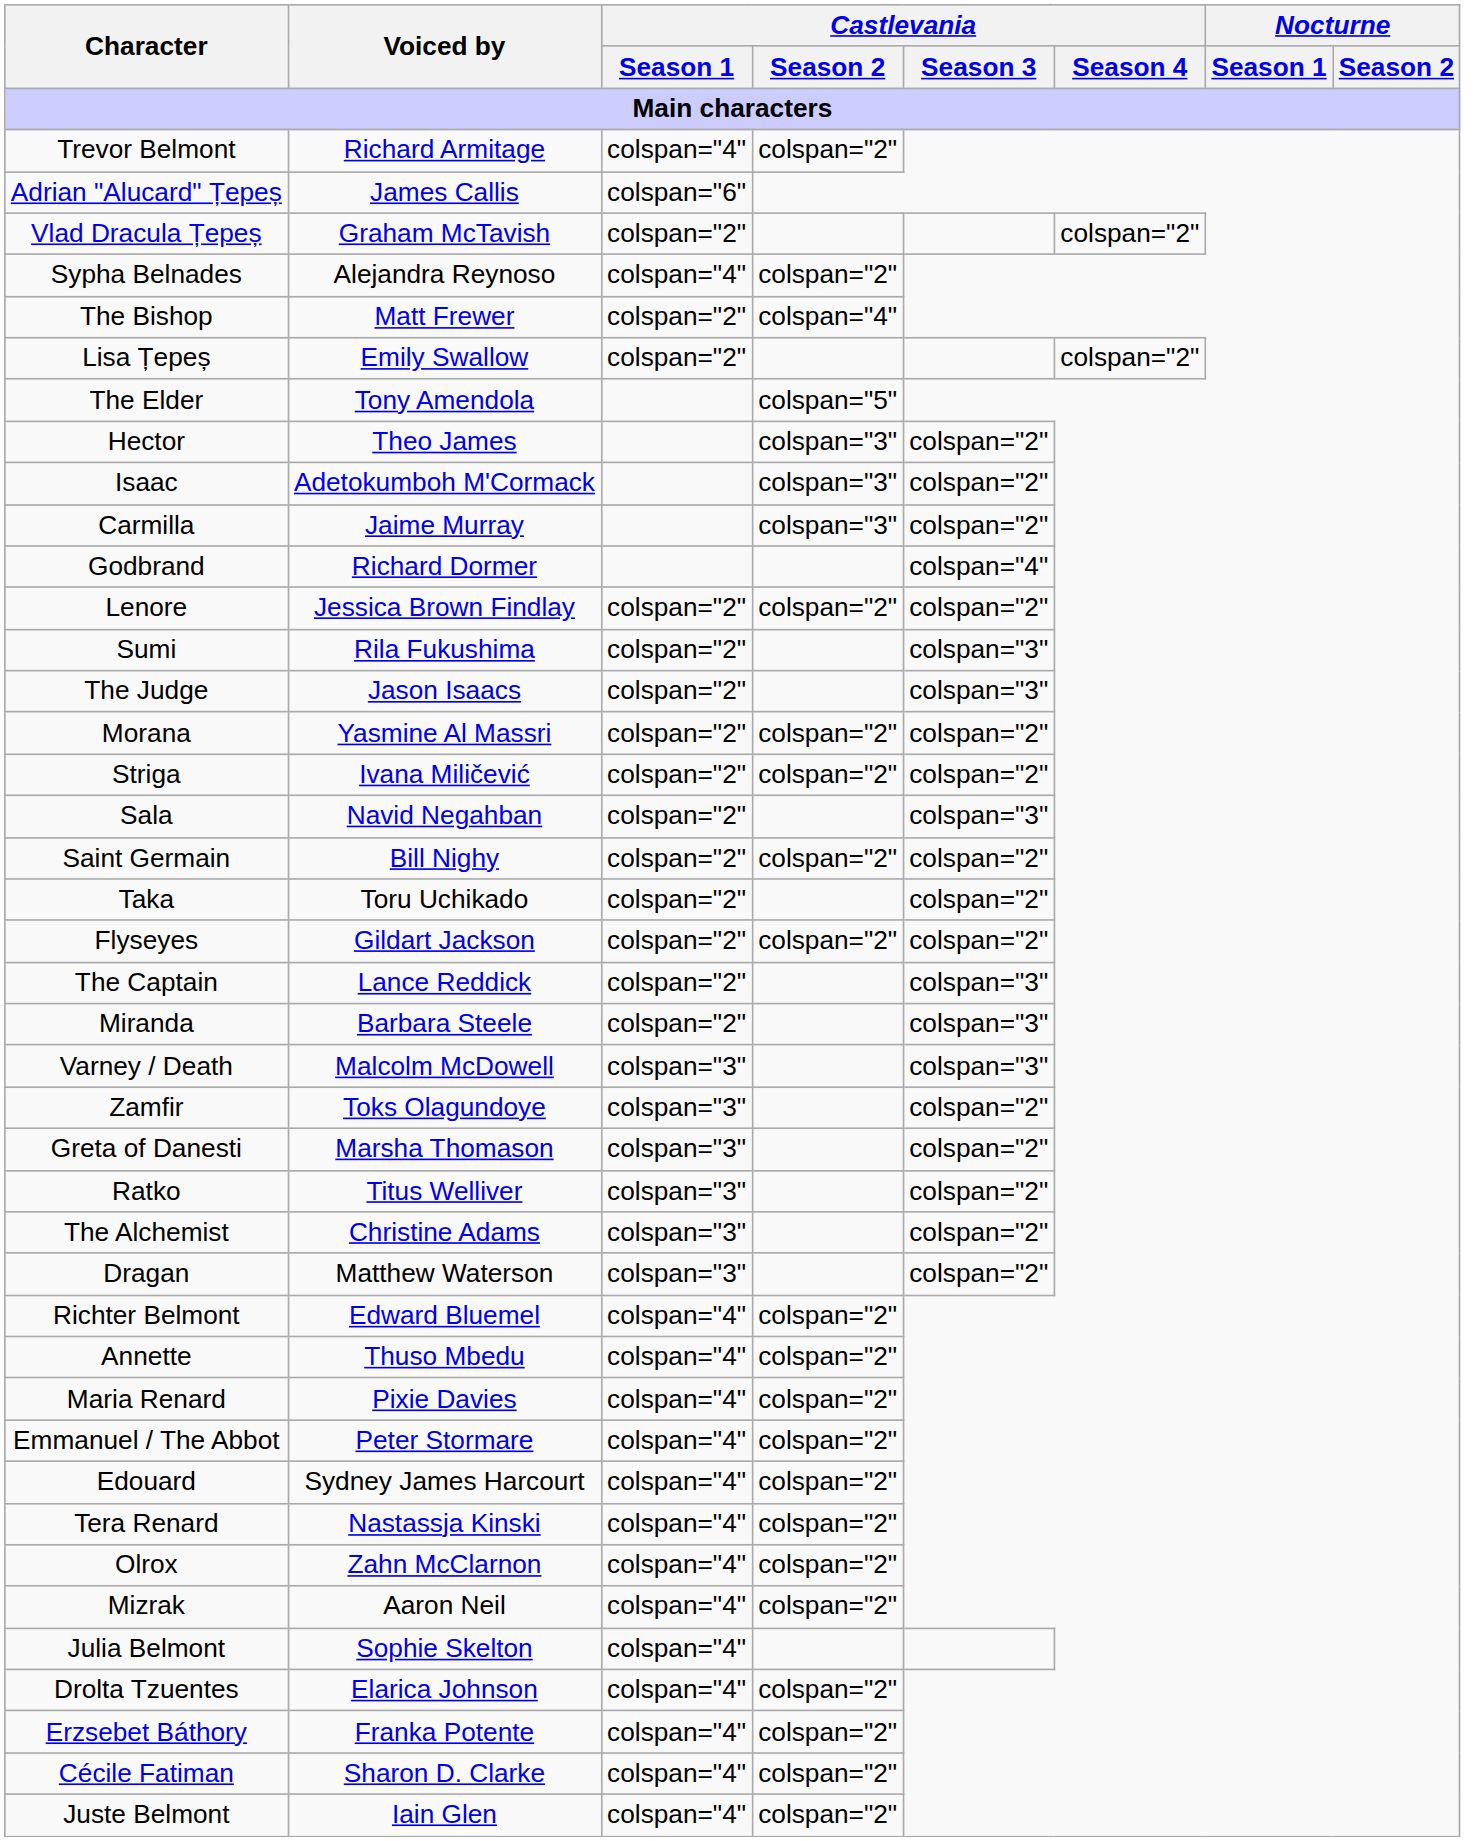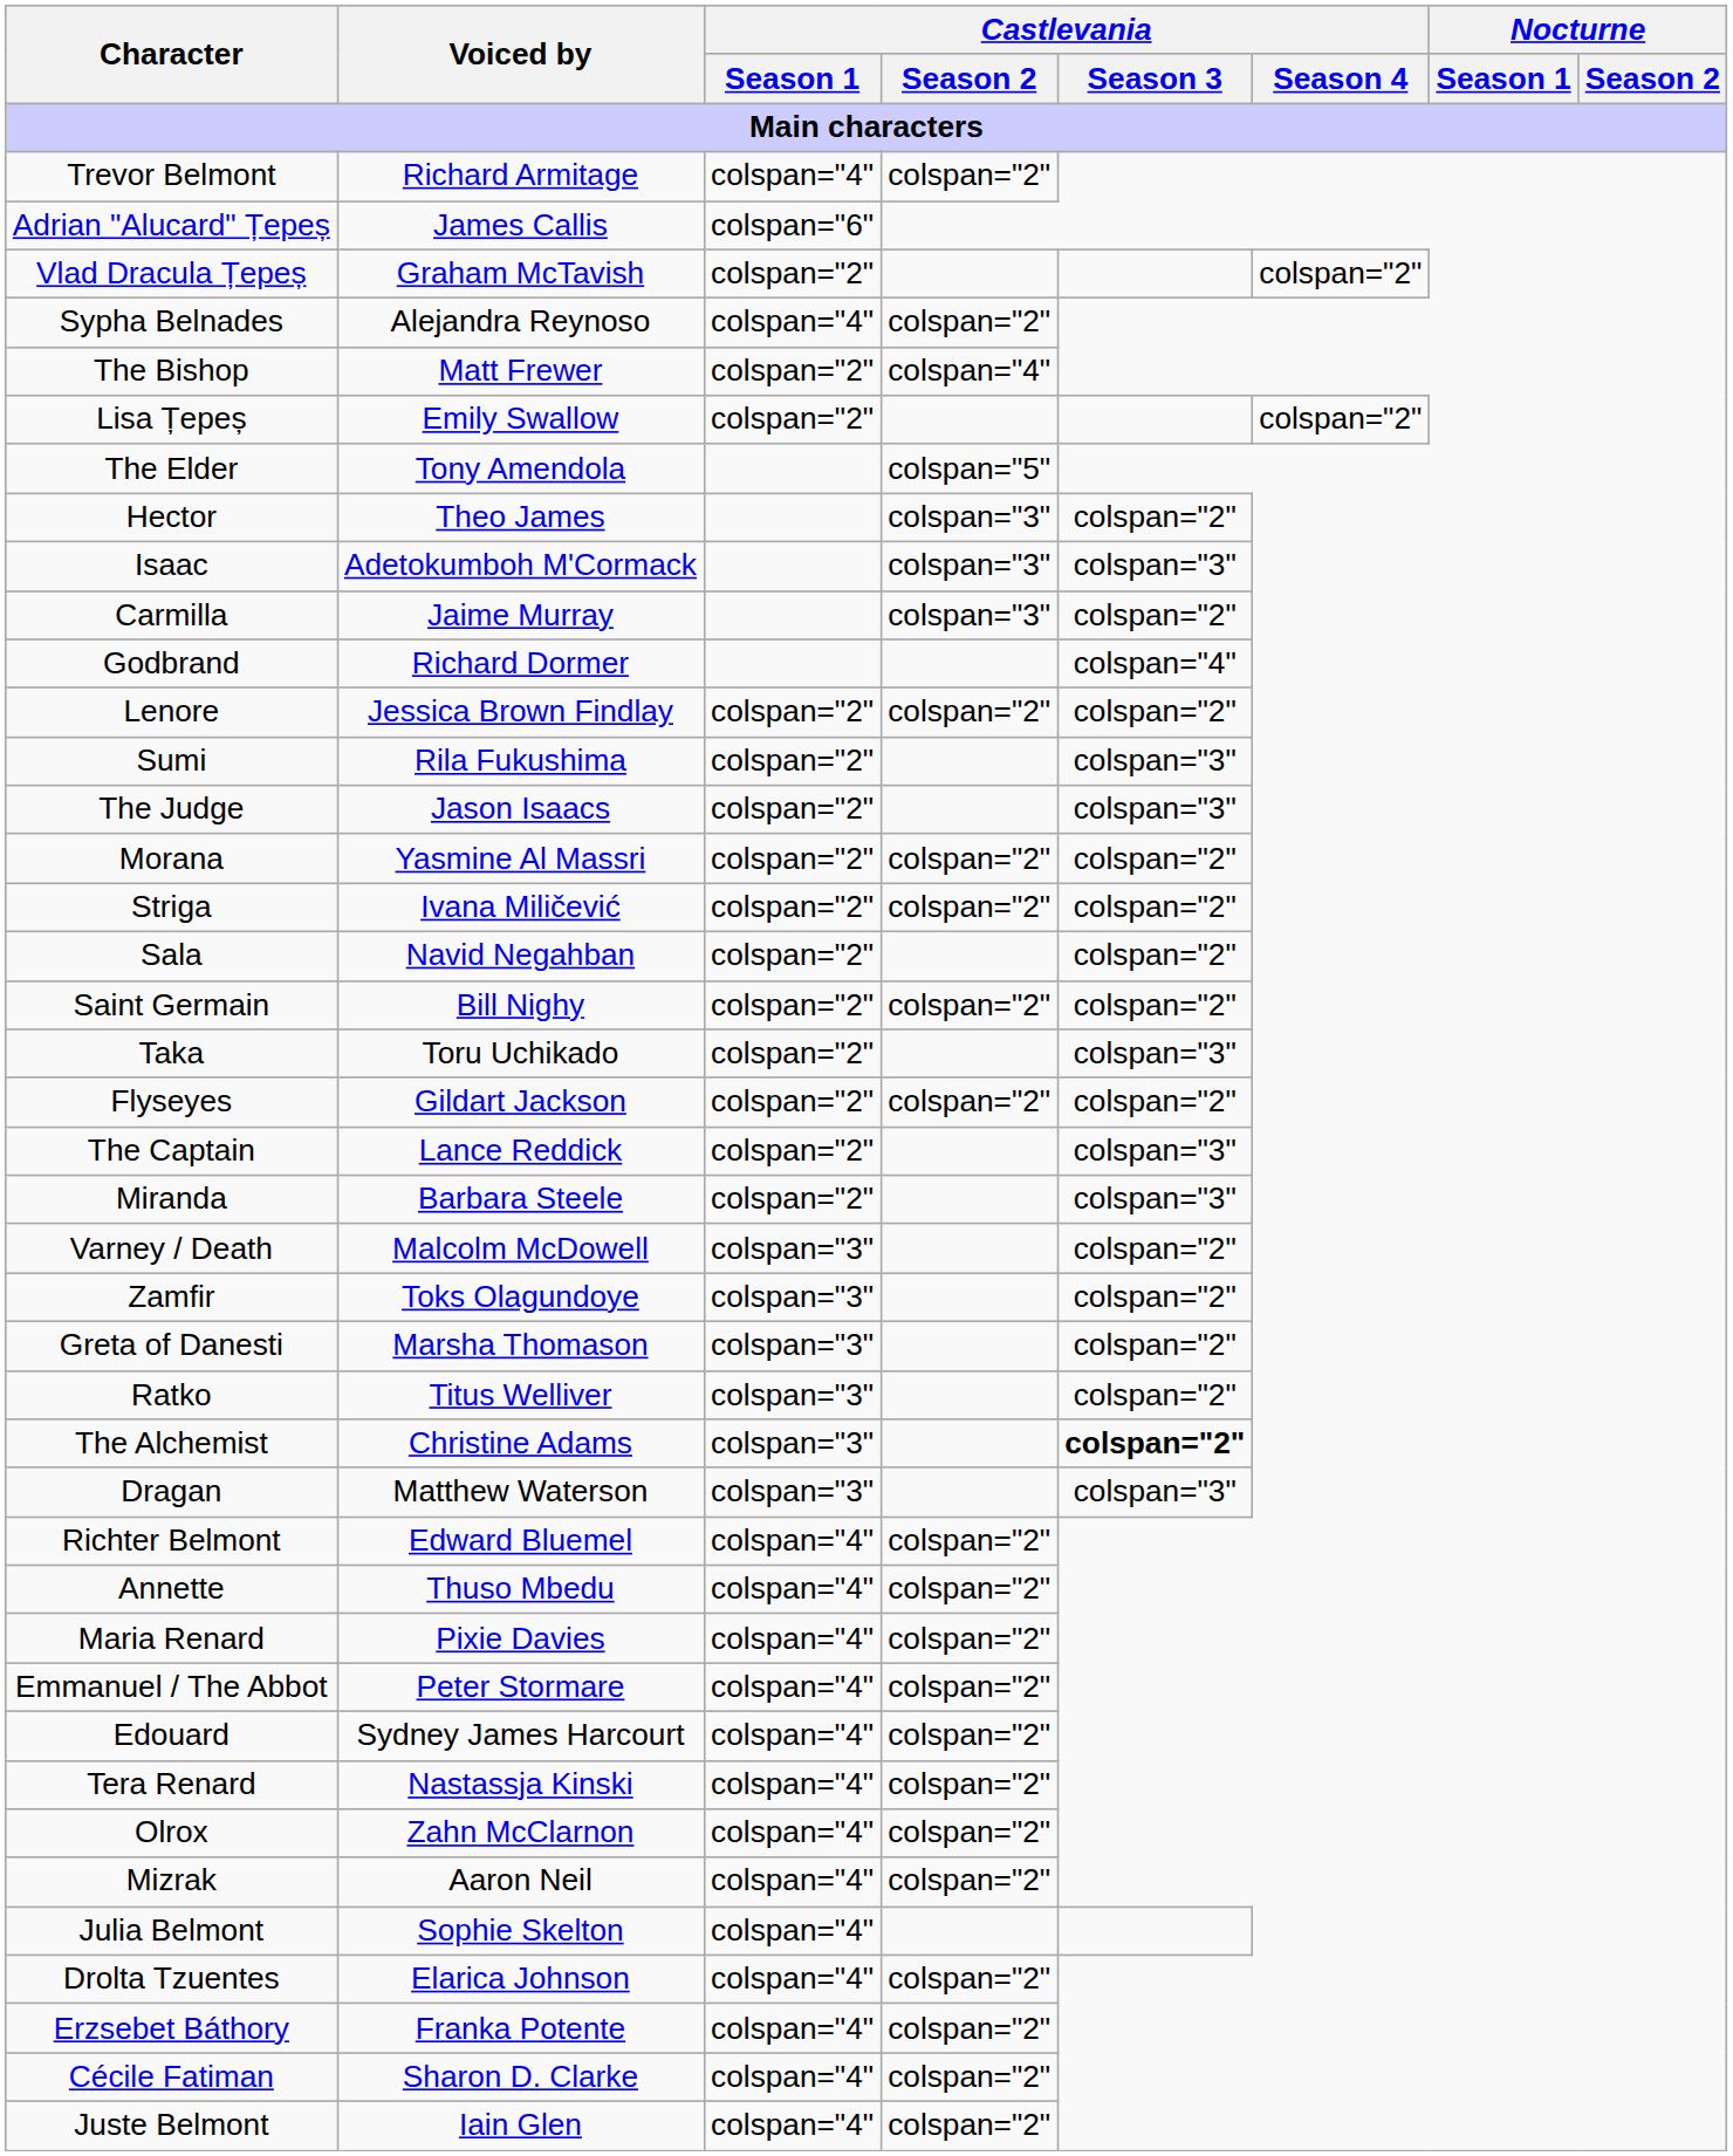 <table class="wikitable plainrowheaders" style="text-align:center;">
 <tr>
 <th scope="col" rowspan="2">Character</th>
 <th scope="col" rowspan="2">Voiced by</th>
 <th scope="col" colspan="4"><em><a href='#'>Castlevania</a></em></th>
 <th scope="col" colspan="2"><em><a href='#'>Nocturne</a></em></th>
 </tr>
 <tr>
 <th><a href='#'>Season 1</a></th>
 <th><a href='#'>Season 2</a></th>
 <th><a href='#'>Season 3</a></th>
 <th><a href='#'>Season 4</a></th>
 <th><a href='#'>Season 1</a></th>
 <th><a href='#'>Season 2</a></th>
 </tr>
 <tr>
 <th colspan="8" style="background:#ccf;">Main characters</th>
 </tr>
 <tr>
 <td scope="row">Trevor Belmont</td>
 <td><a href='#'>Richard Armitage</a></td>
 <td>colspan="4" </td>
 <td>colspan="2" </td>
 </tr>
 <tr>
 <td scope="row"><a href='#'>Adrian "Alucard" Țepeș</a></td>
 <td><a href='#'>James Callis</a></td>
 <td>colspan="6" </td>
 </tr>
 <tr>
 <td scope="row"><a href='#'>Vlad Dracula Țepeș</a></td>
 <td><a href='#'>Graham McTavish</a></td>
 <td>colspan="2" </td>
 <td></td>
 <td></td>
 <td>colspan="2" </td>
 </tr>
 <tr>
 <td scope="row">Sypha Belnades</td>
 <td>Alejandra Reynoso</td>
 <td>colspan="4" </td>
 <td>colspan="2" </td>
 </tr>
 <tr>
 <td scope="row">The Bishop</td>
 <td><a href='#'>Matt Frewer</a></td>
 <td>colspan="2" </td>
 <td>colspan="4" </td>
 </tr>
 <tr>
 <td scope="row">Lisa Țepeș</td>
 <td><a href='#'>Emily Swallow</a></td>
 <td>colspan="2" </td>
 <td></td>
 <td></td>
 <td>colspan="2" </td>
 </tr>
 <tr>
 <td scope="row">The Elder</td>
 <td><a href='#'>Tony Amendola</a></td>
 <td></td>
 <td>colspan="5" </td>
 </tr>
 <tr>
 <td scope="row">Hector</td>
 <td><a href='#'>Theo James</a></td>
 <td></td>
 <td>colspan="3" </td>
 <td>colspan="2" </td>
 </tr>
 <tr>
 <td scope="row">Isaac</td>
 <td><a href='#'>Adetokumboh M'Cormack</a></td>
 <td></td>
 <td>colspan="3" </td>
-<td>colspan="2" </td>
+<td>colspan="3" </td>
 </tr>
 <tr>
 <td scope="row">Carmilla</td>
 <td><a href='#'>Jaime Murray</a></td>
 <td></td>
 <td>colspan="3" </td>
 <td>colspan="2" </td>
 </tr>
 <tr>
 <td scope="row">Godbrand</td>
 <td><a href='#'>Richard Dormer</a></td>
 <td></td>
 <td></td>
 <td>colspan="4" </td>
 </tr>
 <tr>
 <td scope="row">Lenore</td>
 <td><a href='#'>Jessica Brown Findlay</a></td>
 <td>colspan="2" </td>
 <td>colspan="2" </td>
 <td>colspan="2" </td>
 </tr>
 <tr>
 <td scope="row">Sumi</td>
 <td><a href='#'>Rila Fukushima</a></td>
 <td>colspan="2" </td>
 <td></td>
 <td>colspan="3" </td>
 </tr>
 <tr>
 <td scope="row">The Judge</td>
 <td><a href='#'>Jason Isaacs</a></td>
 <td>colspan="2" </td>
 <td></td>
 <td>colspan="3" </td>
 </tr>
 <tr>
 <td scope="row">Morana</td>
 <td><a href='#'>Yasmine Al Massri</a></td>
 <td>colspan="2" </td>
 <td>colspan="2" </td>
 <td>colspan="2" </td>
 </tr>
 <tr>
 <td scope="row">Striga</td>
 <td><a href='#'>Ivana Miličević</a></td>
 <td>colspan="2" </td>
 <td>colspan="2" </td>
 <td>colspan="2" </td>
 </tr>
 <tr>
 <td scope="row">Sala</td>
 <td><a href='#'>Navid Negahban</a></td>
 <td>colspan="2" </td>
 <td></td>
-<td>colspan="3" </td>
+<td>colspan="2" </td>
 </tr>
 <tr>
 <td scope="row">Saint Germain</td>
 <td><a href='#'>Bill Nighy</a></td>
 <td>colspan="2" </td>
 <td>colspan="2" </td>
 <td>colspan="2" </td>
 </tr>
 <tr>
 <td scope="row">Taka</td>
 <td>Toru Uchikado</td>
 <td>colspan="2" </td>
 <td></td>
-<td>colspan="2" </td>
+<td>colspan="3" </td>
 </tr>
 <tr>
 <td scope="row">Flyseyes</td>
 <td><a href='#'>Gildart Jackson</a></td>
 <td>colspan="2" </td>
 <td>colspan="2" </td>
 <td>colspan="2" </td>
 </tr>
 <tr>
 <td scope="row">The Captain</td>
 <td><a href='#'>Lance Reddick</a></td>
 <td>colspan="2" </td>
 <td></td>
 <td>colspan="3" </td>
 </tr>
 <tr>
 <td scope="row">Miranda</td>
 <td><a href='#'>Barbara Steele</a></td>
 <td>colspan="2" </td>
 <td></td>
 <td>colspan="3" </td>
 </tr>
 <tr>
 <td scope="row">Varney / Death</td>
 <td><a href='#'>Malcolm McDowell</a></td>
 <td>colspan="3" </td>
 <td></td>
-<td>colspan="3" </td>
+<td>colspan="2" </td>
 </tr>
 <tr>
 <td scope="row">Zamfir</td>
 <td><a href='#'>Toks Olagundoye</a></td>
 <td>colspan="3" </td>
 <td></td>
 <td>colspan="2" </td>
 </tr>
 <tr>
 <td scope="row">Greta of Danesti</td>
 <td><a href='#'>Marsha Thomason</a></td>
 <td>colspan="3" </td>
 <td></td>
 <td>colspan="2" </td>
 </tr>
 <tr>
 <td scope="row">Ratko</td>
 <td><a href='#'>Titus Welliver</a></td>
 <td>colspan="3" </td>
 <td></td>
 <td>colspan="2" </td>
 </tr>
 <tr>
 <td scope="row">The Alchemist</td>
 <td><a href='#'>Christine Adams</a></td>
 <td>colspan="3" </td>
 <td></td>
-<td>colspan="2" </td>
+<td><strong>colspan="2" </strong></td>
 </tr>
 <tr>
 <td scope="row">Dragan</td>
 <td>Matthew Waterson</td>
 <td>colspan="3" </td>
 <td></td>
-<td>colspan="2" </td>
+<td>colspan="3" </td>
 </tr>
 <tr>
 <td scope="row">Richter Belmont</td>
 <td><a href='#'>Edward Bluemel</a></td>
 <td>colspan="4" </td>
 <td>colspan="2" </td>
 </tr>
 <tr>
 <td scope="row">Annette</td>
 <td><a href='#'>Thuso Mbedu</a></td>
 <td>colspan="4" </td>
 <td>colspan="2" </td>
 </tr>
 <tr>
 <td scope="row">Maria Renard</td>
 <td><a href='#'>Pixie Davies</a></td>
 <td>colspan="4" </td>
 <td>colspan="2" </td>
 </tr>
 <tr>
 <td scope="row">Emmanuel / The Abbot</td>
 <td><a href='#'>Peter Stormare</a></td>
 <td>colspan="4" </td>
 <td>colspan="2" </td>
 </tr>
 <tr>
 <td scope="row">Edouard</td>
 <td>Sydney James Harcourt</td>
 <td>colspan="4" </td>
 <td>colspan="2" </td>
 </tr>
 <tr>
 <td scope="row">Tera Renard</td>
 <td><a href='#'>Nastassja Kinski</a></td>
 <td>colspan="4" </td>
 <td>colspan="2" </td>
 </tr>
 <tr>
 <td scope="row">Olrox</td>
 <td><a href='#'>Zahn McClarnon</a></td>
 <td>colspan="4" </td>
 <td>colspan="2" </td>
 </tr>
 <tr>
 <td scope="row">Mizrak</td>
 <td>Aaron Neil</td>
 <td>colspan="4" </td>
 <td>colspan="2" </td>
 </tr>
 <tr>
 <td scope="row">Julia Belmont</td>
 <td><a href='#'>Sophie Skelton</a></td>
 <td>colspan="4" </td>
 <td></td>
 <td></td>
 </tr>
 <tr>
 <td scope="row">Drolta Tzuentes</td>
 <td><a href='#'>Elarica Johnson</a></td>
 <td>colspan="4" </td>
 <td>colspan="2" </td>
 </tr>
 <tr>
 <td scope="row"><a href='#'>Erzsebet Báthory</a></td>
 <td><a href='#'>Franka Potente</a></td>
 <td>colspan="4" </td>
 <td>colspan="2" </td>
 </tr>
 <tr>
 <td scope="row"><a href='#'>Cécile Fatiman</a></td>
 <td><a href='#'>Sharon D. Clarke</a></td>
 <td>colspan="4" </td>
 <td>colspan="2" </td>
 </tr>
 <tr>
 <td scope="row">Juste Belmont</td>
 <td><a href='#'>Iain Glen</a></td>
 <td>colspan="4" </td>
 <td>colspan="2" </td>
 </tr>
 </table>
